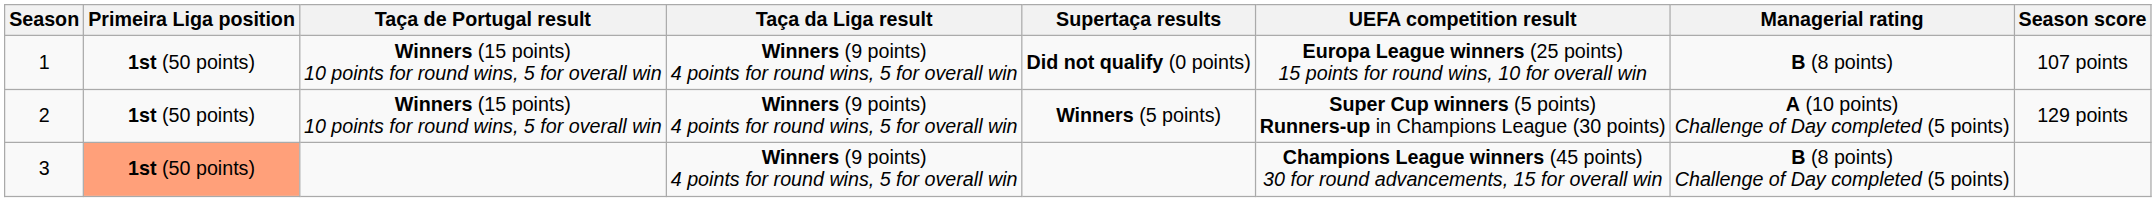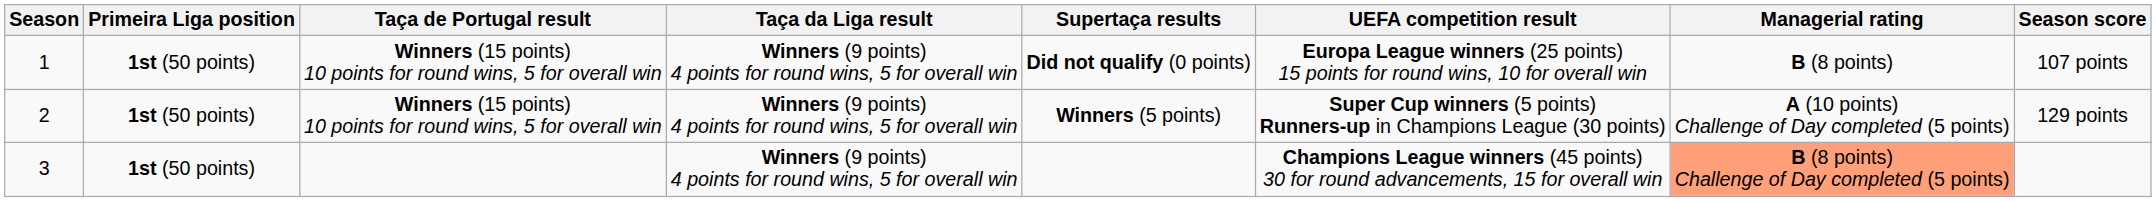 <table class="wikitable" style="text-align:center">
 <tr>
 <th>Season</th>
 <th>Primeira Liga position</th>
 <th>Taça de Portugal result</th>
 <th>Taça da Liga result</th>
 <th>Supertaça results</th>
 <th>UEFA competition result</th>
 <th>Managerial rating</th>
 <th>Season score</th>
 </tr>
 <tr>
 <td>1</td>
 <td><strong>1st</strong> (50 points)</td>
 <td><strong>Winners</strong> (15 points)<br><em>10 points for round wins, 5 for overall win</em></td>
 <td><strong>Winners</strong> (9 points)<br><em>4 points for round wins, 5 for overall win</em></td>
 <td><strong>Did not qualify</strong> (0 points)</td>
 <td><strong>Europa League winners</strong> (25 points)<br><em>15 points for round wins, 10 for overall win</em></td>
 <td><strong>B</strong> (8 points)</td>
 <td>107 points</td>
 </tr>
 <tr>
 <td>2</td>
 <td><strong>1st</strong> (50 points)</td>
 <td><strong>Winners</strong> (15 points)<br><em>10 points for round wins, 5 for overall win</em></td>
 <td><strong>Winners</strong> (9 points)<br><em>4 points for round wins, 5 for overall win</em></td>
 <td><strong>Winners</strong> (5 points)</td>
 <td><strong>Super Cup</strong> <strong>winners</strong> (5 points)<br><strong>Runners-up</strong> in Champions League (30 points)</td>
 <td><strong>A</strong> (10 points)<br><em>Challenge of Day completed</em> (5 points)</td>
 <td>129 points</td>
 </tr>
 <tr>
 <td>3</td>
-<td style="background: lightsalmon;"><strong>1st</strong> (50 points)</td>
+<td><strong>1st</strong> (50 points)</td>
 <td></td>
 <td><strong>Winners</strong> (9 points)<br><em>4 points for round wins, 5 for overall win</em></td>
 <td></td>
 <td><strong>Champions League winners</strong> (45 points)<br><em>30 for round advancements, 15 for overall win</em></td>
-<td><strong>B</strong> (8 points)<br><em>Challenge of Day completed</em> (5 points)</td>
+<td style="background: lightsalmon;"><strong>B</strong> (8 points)<br><em>Challenge of Day completed</em> (5 points)</td>
 </tr>
 </table>
